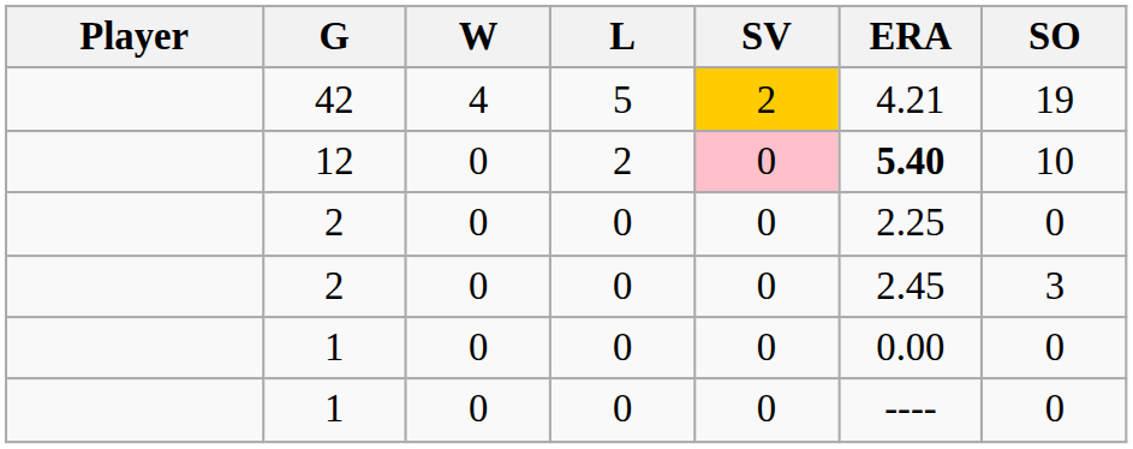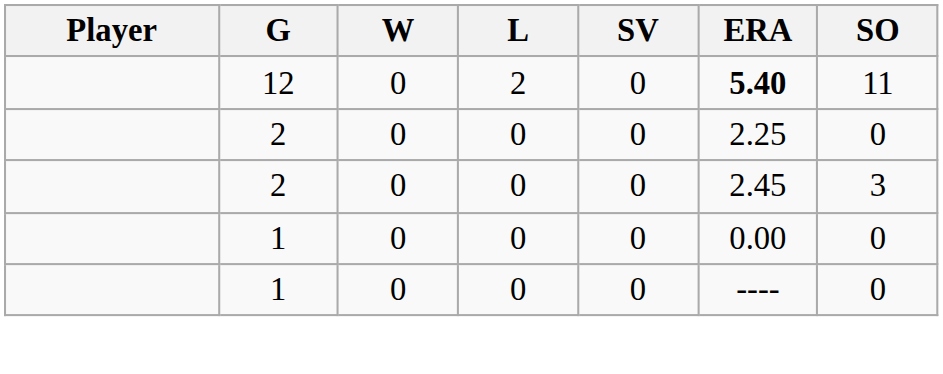 <table class="wikitable sortable">
 <tr>
 <th bgcolor="#DDDDFF" width="16%">Player</th>
 <th bgcolor="#DDDDFF" width="9%">G</th>
 <th bgcolor="#DDDDFF" width="9%">W</th>
 <th bgcolor="#DDDDFF" width="9%">L</th>
 <th bgcolor="#DDDDFF" width="9%">SV</th>
 <th bgcolor="#DDDDFF" width="9%">ERA</th>
 <th bgcolor="#DDDDFF" width="9%">SO</th>
 </tr>
 <tr align="center">
 <td></td>
-<td>42</td>
-<td>4</td>
-<td>5</td>
-<td style="background:#fc0;">2</td>
-<td>4.21</td>
-<td>19</td>
-</tr>
-<tr align="center">
-<td></td>
 <td>12</td>
 <td>0</td>
 <td>2</td>
-<td style="background: pink;">0</td>
+<td>0</td>
 <td><strong>5.40</strong></td>
-<td>10</td>
+<td>11</td>
 </tr>
 <tr align="center">
 <td></td>
 <td>2</td>
 <td>0</td>
 <td>0</td>
 <td>0</td>
 <td>2.25</td>
 <td>0</td>
 </tr>
 <tr align="center">
 <td></td>
 <td>2</td>
 <td>0</td>
 <td>0</td>
 <td>0</td>
 <td>2.45</td>
 <td>3</td>
 </tr>
 <tr align="center">
 <td></td>
 <td>1</td>
 <td>0</td>
 <td>0</td>
 <td>0</td>
 <td>0.00</td>
 <td>0</td>
 </tr>
 <tr align="center">
 <td></td>
 <td>1</td>
 <td>0</td>
 <td>0</td>
 <td>0</td>
 <td>----</td>
 <td>0</td>
 </tr>
 </table>
